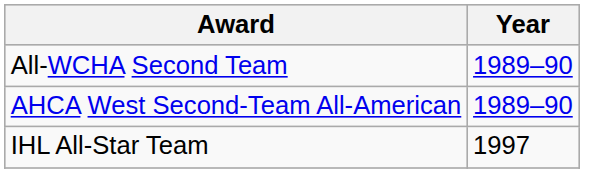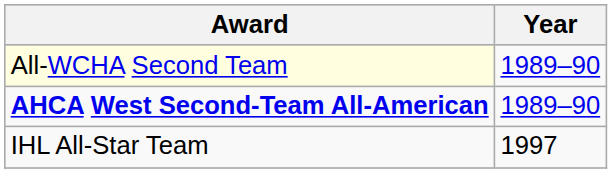 <table class="wikitable">
 <tr>
 <th>Award</th>
 <th>Year</th>
 </tr>
 <tr>
-<td>All-<a href='#'>WCHA</a> <a href='#'>Second Team</a></td>
+<td style="background: lightyellow;">All-<a href='#'>WCHA</a> <a href='#'>Second Team</a></td>
 <td><a href='#'>1989–90</a></td>
 </tr>
 <tr>
-<td><a href='#'>AHCA</a> <a href='#'>West Second-Team All-American</a></td>
+<td><strong><a href='#'>AHCA</a> <a href='#'>West Second-Team All-American</a></strong></td>
 <td><a href='#'>1989–90</a></td>
 </tr>
 <tr>
 <td>IHL All-Star Team</td>
 <td>1997</td>
 </tr>
 </table>
